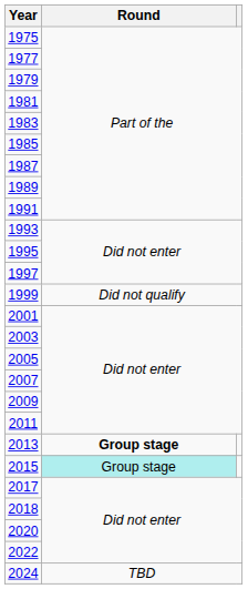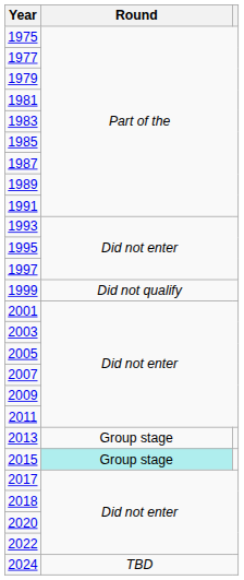 <table class="wikitable" style="text-align: center; font-size:90%">
 <tr>
 <th>Year</th>
 <th style="width:200px">Round</th>
 <th></th>
 </tr>
 <tr>
 <td><a href='#'>1975</a></td>
 <td colspan="2" rowspan="9"><em>Part of the </em></td>
 </tr>
 <tr>
 <td><a href='#'>1977</a></td>
 </tr>
 <tr>
 <td><a href='#'>1979</a></td>
 </tr>
 <tr>
 <td><a href='#'>1981</a></td>
 </tr>
 <tr>
 <td><a href='#'>1983</a></td>
 </tr>
 <tr>
 <td><a href='#'>1985</a></td>
 </tr>
 <tr>
 <td><a href='#'>1987</a></td>
 </tr>
 <tr>
 <td><a href='#'>1989</a></td>
 </tr>
 <tr>
 <td><a href='#'>1991</a></td>
 </tr>
 <tr>
 <td><a href='#'>1993</a></td>
 <td colspan="2" rowspan="3"><em>Did not enter</em></td>
 </tr>
 <tr>
 <td><a href='#'>1995</a></td>
 </tr>
 <tr>
 <td><a href='#'>1997</a></td>
 </tr>
 <tr>
 <td><a href='#'>1999</a></td>
 <td colspan="2"><em>Did not qualify</em></td>
 </tr>
 <tr>
 <td><a href='#'>2001</a></td>
 <td colspan="2" rowspan="6"><em>Did not enter</em></td>
 </tr>
 <tr>
 <td><a href='#'>2003</a></td>
 </tr>
 <tr>
 <td><a href='#'>2005</a></td>
 </tr>
 <tr>
 <td><a href='#'>2007</a></td>
 </tr>
 <tr>
 <td><a href='#'>2009</a></td>
 </tr>
 <tr>
 <td><a href='#'>2011</a></td>
 </tr>
 <tr>
 <td><a href='#'>2013</a></td>
-<td><strong>Group stage</strong></td>
+<td>Group stage</td>
 <td></td>
 </tr>
 <tr>
 <td><a href='#'>2015</a></td>
 <td style="background: paleturquoise;">Group stage</td>
 <td></td>
 </tr>
 <tr>
 <td><a href='#'>2017</a></td>
 <td colspan="2" rowspan="4"><em>Did not enter</em></td>
 </tr>
 <tr>
 <td><a href='#'>2018</a></td>
 </tr>
 <tr>
 <td><a href='#'>2020</a></td>
 </tr>
 <tr>
 <td><a href='#'>2022</a></td>
 </tr>
 <tr>
 <td><a href='#'>2024</a></td>
 <td colspan="2"><em>TBD</em></td>
 </tr>
 </table>
